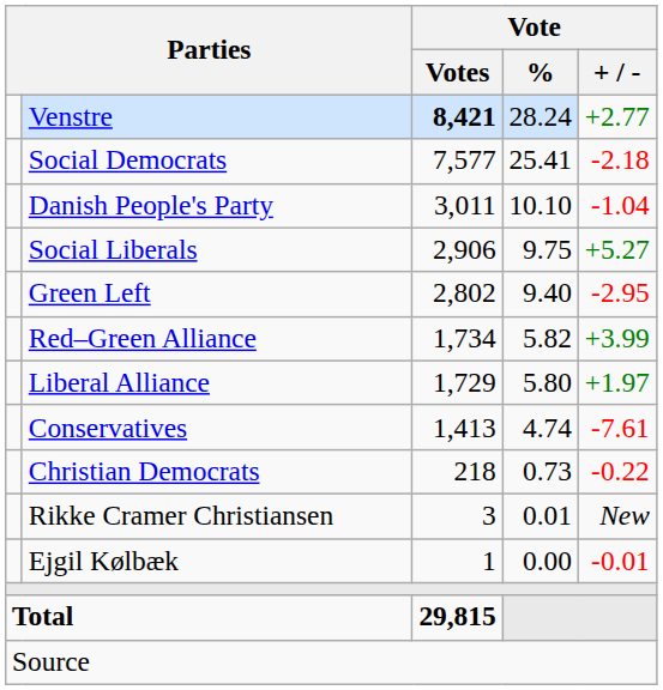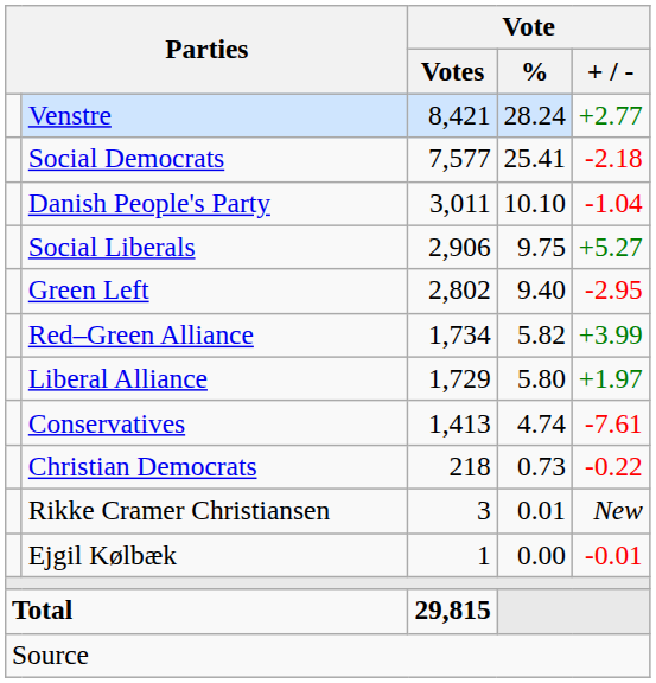 <table class="wikitable" style="text-align:right;">
 <tr>
 <th style="text-align:centre;" rowspan="2" colspan="2" width="225">Parties</th>
 <th colspan="3">Vote</th>
 </tr>
 <tr>
 <th width="15">Votes</th>
 <th width="15">%</th>
 <th width="15">+ / -</th>
 </tr>
 <tr>
 <td width="2" style="color:inherit;background:"></td>
 <td bgcolor=#cfe5fe  align="left"><a href='#'>Venstre</a></td>
-<td bgcolor=#cfe5fe><strong>8,421</strong></td>
+<td bgcolor=#cfe5fe>8,421</td>
 <td bgcolor=#cfe5fe>28.24</td>
 <td style=color:green;>+2.77</td>
 </tr>
 <tr>
 <td width="2" style="color:inherit;background:"></td>
 <td align="left"><a href='#'>Social Democrats</a></td>
 <td>7,577</td>
 <td>25.41</td>
 <td style=color:red;>-2.18</td>
 </tr>
 <tr>
 <td width="2" style="color:inherit;background:"></td>
 <td align="left"><a href='#'>Danish People's Party</a></td>
 <td>3,011</td>
 <td>10.10</td>
 <td style=color:red;>-1.04</td>
 </tr>
 <tr>
 <td width="2" style="color:inherit;background:"></td>
 <td align="left"><a href='#'>Social Liberals</a></td>
 <td>2,906</td>
 <td>9.75</td>
 <td style=color:green;>+5.27</td>
 </tr>
 <tr>
 <td width="2" style="color:inherit;background:"></td>
 <td align="left"><a href='#'>Green Left</a></td>
 <td>2,802</td>
 <td>9.40</td>
 <td style=color:red;>-2.95</td>
 </tr>
 <tr>
 <td width="2" style="color:inherit;background:"></td>
 <td align="left"><a href='#'>Red–Green Alliance</a></td>
 <td>1,734</td>
 <td>5.82</td>
 <td style=color:green;>+3.99</td>
 </tr>
 <tr>
 <td width="2" style="color:inherit;background:"></td>
 <td align="left"><a href='#'>Liberal Alliance</a></td>
 <td>1,729</td>
 <td>5.80</td>
 <td style=color:green;>+1.97</td>
 </tr>
 <tr>
 <td width="2" style="color:inherit;background:"></td>
 <td align="left"><a href='#'>Conservatives</a></td>
 <td>1,413</td>
 <td>4.74</td>
 <td style=color:red;>-7.61</td>
 </tr>
 <tr>
 <td width="2" style="color:inherit;background:"></td>
 <td align="left"><a href='#'>Christian Democrats</a></td>
 <td>218</td>
 <td>0.73</td>
 <td style=color:red;>-0.22</td>
 </tr>
 <tr>
 <td width="2" style="color:inherit;background:"></td>
 <td align="left">Rikke Cramer Christiansen</td>
 <td>3</td>
 <td>0.01</td>
 <td><em>New</em></td>
 </tr>
 <tr>
 <td width="2" style="color:inherit;background:"></td>
 <td align="left">Ejgil Kølbæk</td>
 <td>1</td>
 <td>0.00</td>
 <td style=color:red;>-0.01</td>
 </tr>
 <tr>
 <td colspan="7" bgcolor="#E9E9E9"></td>
 </tr>
 <tr>
 <td align="left" colspan="2"><strong>Total</strong></td>
 <td><strong>29,815</strong></td>
 <td bgcolor="#E9E9E9" colspan="2"></td>
 </tr>
 <tr>
 <td align="left" colspan="6">Source</td>
 </tr>
 </table>
